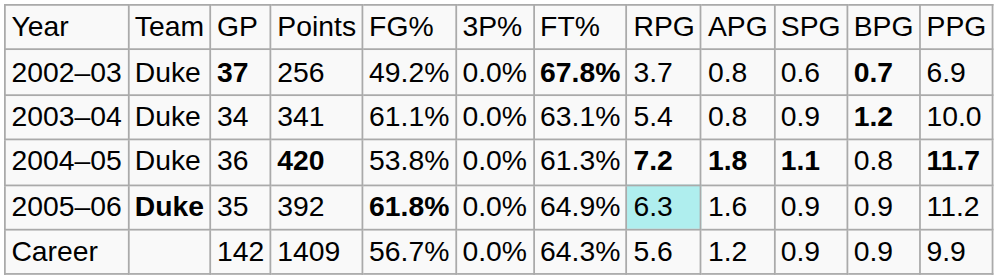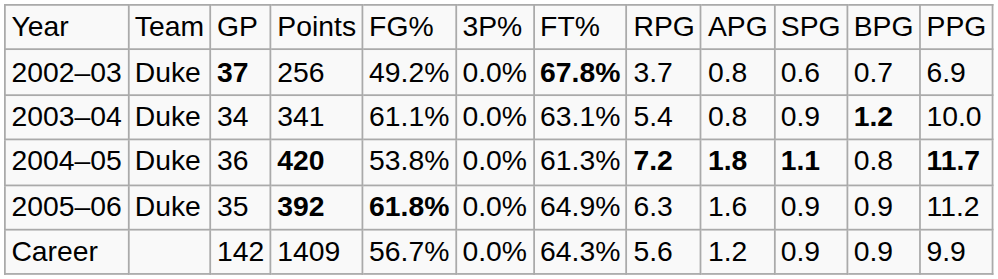 <table class="wikitable">
 <tr>
 <td>Year</td>
 <td>Team</td>
 <td>GP</td>
 <td>Points</td>
 <td>FG%</td>
 <td>3P%</td>
 <td>FT%</td>
 <td>RPG</td>
 <td>APG</td>
 <td>SPG</td>
 <td>BPG</td>
 <td>PPG</td>
 </tr>
 <tr>
 <td>2002–03</td>
 <td>Duke</td>
 <td><strong>37</strong></td>
 <td>256</td>
 <td>49.2%</td>
 <td>0.0%</td>
 <td><strong>67.8%</strong></td>
 <td>3.7</td>
 <td>0.8</td>
 <td>0.6</td>
-<td><strong>0.7</strong></td>
+<td>0.7</td>
 <td>6.9</td>
 </tr>
 <tr>
 <td>2003–04</td>
 <td>Duke</td>
 <td>34</td>
 <td>341</td>
 <td>61.1%</td>
 <td>0.0%</td>
 <td>63.1%</td>
 <td>5.4</td>
 <td>0.8</td>
 <td>0.9</td>
 <td><strong>1.2</strong></td>
 <td>10.0</td>
 </tr>
 <tr>
 <td>2004–05</td>
 <td>Duke</td>
 <td>36</td>
 <td><strong>420</strong></td>
 <td>53.8%</td>
 <td>0.0%</td>
 <td>61.3%</td>
 <td><strong>7.2</strong></td>
 <td><strong>1.8</strong></td>
 <td><strong>1.1</strong></td>
 <td>0.8</td>
 <td><strong>11.7</strong></td>
 </tr>
 <tr>
 <td>2005–06</td>
-<td><strong>Duke</strong></td>
+<td>Duke</td>
 <td>35</td>
-<td>392</td>
+<td><strong>392</strong></td>
 <td><strong>61.8%</strong></td>
 <td>0.0%</td>
 <td>64.9%</td>
-<td style="background: paleturquoise;">6.3</td>
+<td>6.3</td>
 <td>1.6</td>
 <td>0.9</td>
 <td>0.9</td>
 <td>11.2</td>
 </tr>
 <tr>
 <td>Career</td>
 <td></td>
 <td>142</td>
 <td>1409</td>
 <td>56.7%</td>
 <td>0.0%</td>
 <td>64.3%</td>
 <td>5.6</td>
 <td>1.2</td>
 <td>0.9</td>
 <td>0.9</td>
 <td>9.9</td>
 </tr>
 </table>
